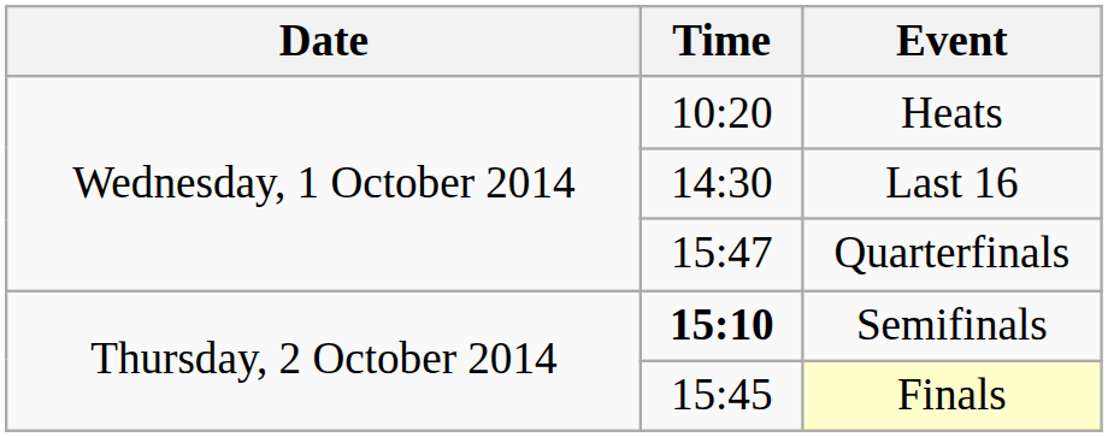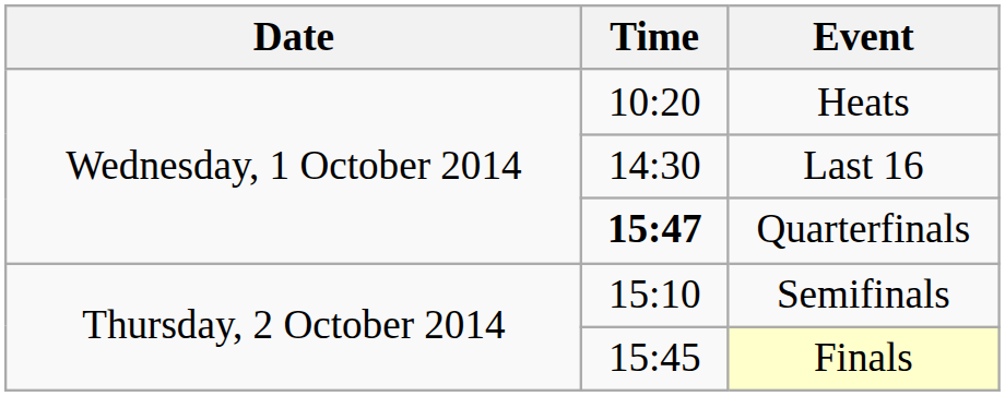 <table class="wikitable" style="text-align:center;">
 <tr>
 <th width=220>Date</th>
 <th width=50>Time</th>
 <th width=100>Event</th>
 </tr>
 <tr>
 <td rowspan=3>Wednesday, 1 October 2014</td>
 <td>10:20</td>
 <td>Heats</td>
 </tr>
 <tr>
 <td>14:30</td>
 <td>Last 16</td>
 </tr>
 <tr>
-<td>15:47</td>
+<td><strong>15:47</strong></td>
 <td>Quarterfinals</td>
 </tr>
 <tr>
 <td rowspan=2>Thursday, 2 October 2014</td>
-<td><strong>15:10</strong></td>
+<td>15:10</td>
 <td>Semifinals</td>
 </tr>
 <tr>
 <td>15:45</td>
 <td bgcolor=ffffcc>Finals</td>
 </tr>
 </table>
